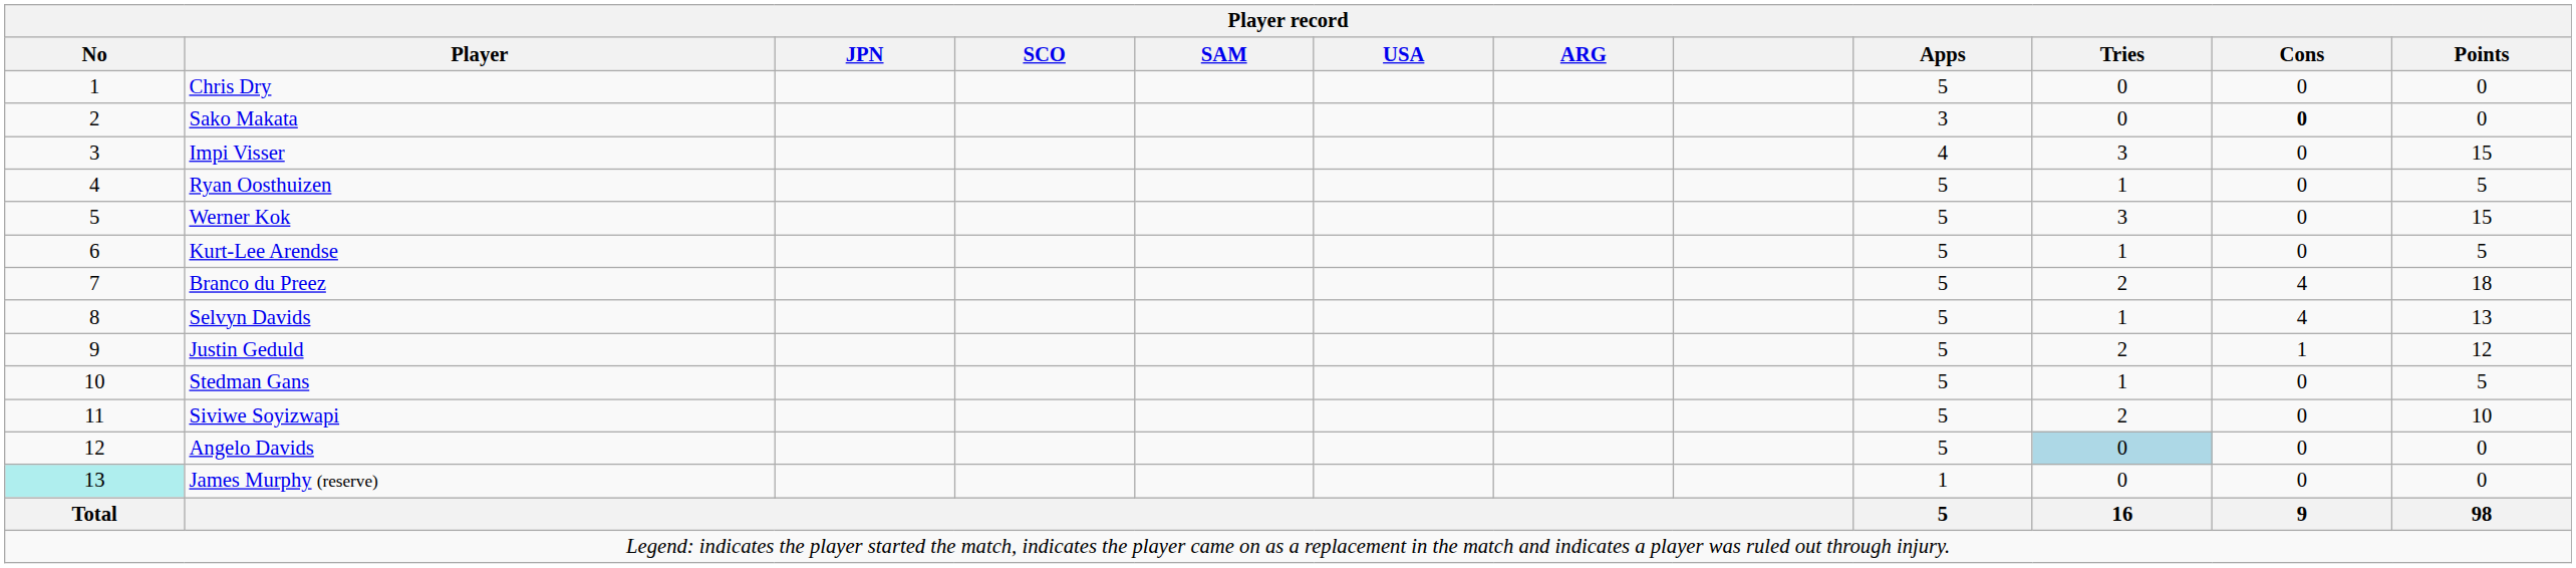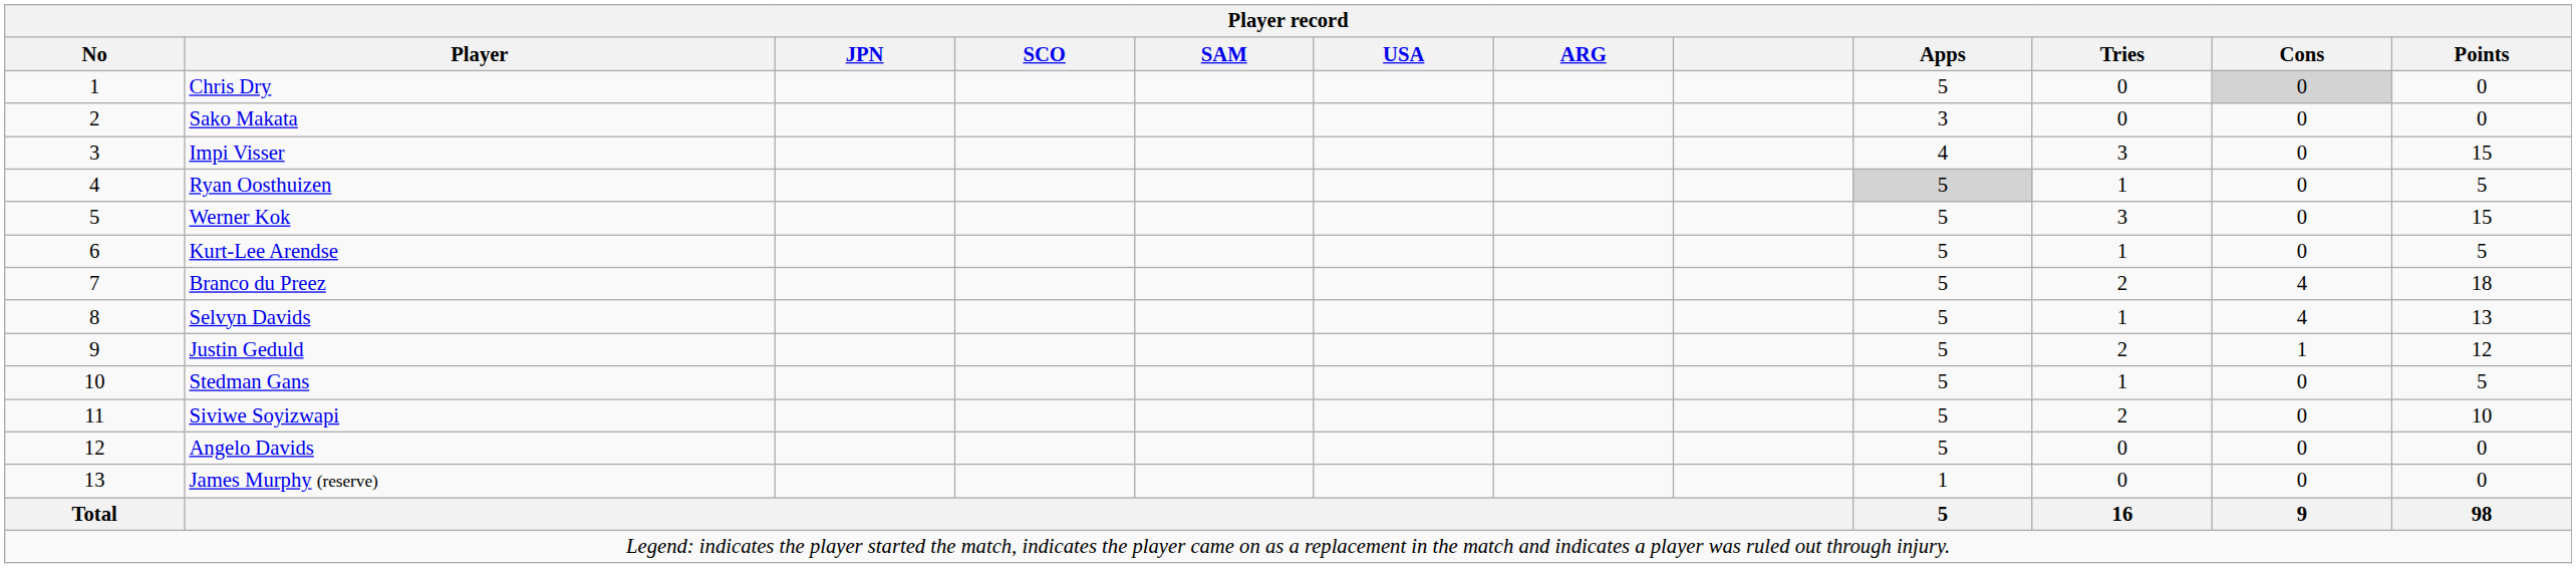 <table class="wikitable" style="text-align:center; width:100%">
 <tr>
 <th colspan="100%">Player record</th>
 </tr>
 <tr>
 <th style="width:7%;">No</th>
 <th style="width:23%;">Player</th>
 <th style="width:7%;"><a href='#'>JPN</a></th>
 <th style="width:7%;"><a href='#'>SCO</a></th>
 <th style="width:7%;"><a href='#'>SAM</a></th>
 <th style="width:7%;"><a href='#'>USA</a></th>
 <th style="width:7%;"><a href='#'>ARG</a></th>
 <th style="width:7%;"></th>
 <th style="width:7%;">Apps</th>
 <th style="width:7%;">Tries</th>
 <th style="width:7%;">Cons</th>
 <th style="width:7%;">Points</th>
 </tr>
 <tr>
 <td>1</td>
 <td style="text-align:left;"><a href='#'>Chris Dry</a></td>
 <td></td>
 <td></td>
 <td></td>
 <td></td>
 <td></td>
 <td></td>
 <td>5</td>
 <td>0</td>
-<td>0</td>
+<td style="background: lightgrey;">0</td>
 <td>0</td>
 </tr>
 <tr>
 <td>2</td>
 <td style="text-align:left;"><a href='#'>Sako Makata</a></td>
 <td></td>
 <td></td>
 <td></td>
 <td></td>
 <td></td>
 <td></td>
 <td>3</td>
 <td>0</td>
-<td><strong>0</strong></td>
+<td>0</td>
 <td>0</td>
 </tr>
 <tr>
 <td>3</td>
 <td style="text-align:left;"><a href='#'>Impi Visser</a></td>
 <td></td>
 <td></td>
 <td></td>
 <td></td>
 <td></td>
 <td></td>
 <td>4</td>
 <td>3</td>
 <td>0</td>
 <td>15</td>
 </tr>
 <tr>
 <td>4</td>
 <td style="text-align:left;"><a href='#'>Ryan Oosthuizen</a></td>
 <td></td>
 <td></td>
 <td></td>
 <td></td>
 <td></td>
 <td></td>
-<td>5</td>
+<td style="background: lightgrey;">5</td>
 <td>1</td>
 <td>0</td>
 <td>5</td>
 </tr>
 <tr>
 <td>5</td>
 <td style="text-align:left;"><a href='#'>Werner Kok</a></td>
 <td></td>
 <td></td>
 <td></td>
 <td></td>
 <td></td>
 <td></td>
 <td>5</td>
 <td>3</td>
 <td>0</td>
 <td>15</td>
 </tr>
 <tr>
 <td>6</td>
 <td style="text-align:left;"><a href='#'>Kurt-Lee Arendse</a></td>
 <td></td>
 <td></td>
 <td></td>
 <td></td>
 <td></td>
 <td></td>
 <td>5</td>
 <td>1</td>
 <td>0</td>
 <td>5</td>
 </tr>
 <tr>
 <td>7</td>
 <td style="text-align:left;"><a href='#'>Branco du Preez</a></td>
 <td></td>
 <td></td>
 <td></td>
 <td></td>
 <td></td>
 <td></td>
 <td>5</td>
 <td>2</td>
 <td>4</td>
 <td>18</td>
 </tr>
 <tr>
 <td>8</td>
 <td style="text-align:left;"><a href='#'>Selvyn Davids</a></td>
 <td></td>
 <td></td>
 <td></td>
 <td></td>
 <td></td>
 <td></td>
 <td>5</td>
 <td>1</td>
 <td>4</td>
 <td>13</td>
 </tr>
 <tr>
 <td>9</td>
 <td style="text-align:left;"><a href='#'>Justin Geduld</a></td>
 <td></td>
 <td></td>
 <td></td>
 <td></td>
 <td></td>
 <td></td>
 <td>5</td>
 <td>2</td>
 <td>1</td>
 <td>12</td>
 </tr>
 <tr>
 <td>10</td>
 <td style="text-align:left;"><a href='#'>Stedman Gans</a></td>
 <td></td>
 <td></td>
 <td></td>
 <td></td>
 <td></td>
 <td></td>
 <td>5</td>
 <td>1</td>
 <td>0</td>
 <td>5</td>
 </tr>
 <tr>
 <td>11</td>
 <td style="text-align:left;"><a href='#'>Siviwe Soyizwapi</a></td>
 <td></td>
 <td></td>
 <td></td>
 <td></td>
 <td></td>
 <td></td>
 <td>5</td>
 <td>2</td>
 <td>0</td>
 <td>10</td>
 </tr>
 <tr>
 <td>12</td>
 <td style="text-align:left;"><a href='#'>Angelo Davids</a></td>
 <td></td>
 <td></td>
 <td></td>
 <td></td>
 <td></td>
 <td></td>
 <td>5</td>
-<td style="background: lightblue;">0</td>
+<td>0</td>
 <td>0</td>
 <td>0</td>
 </tr>
 <tr>
-<td style="background: paleturquoise;">13</td>
+<td>13</td>
 <td style="text-align:left;"><a href='#'>James Murphy</a> <small>(reserve)</small></td>
 <td></td>
 <td></td>
 <td></td>
 <td></td>
 <td></td>
 <td></td>
 <td>1</td>
 <td>0</td>
 <td>0</td>
 <td>0</td>
 </tr>
 <tr>
 <th>Total</th>
 <th colspan="7"></th>
 <th>5</th>
 <th>16</th>
 <th>9</th>
 <th>98</th>
 </tr>
 <tr>
 <td colspan="100%"><em>Legend: <span></span> indicates the player started the match, <span></span> indicates the player came on as a replacement in the match and  indicates a player was ruled out through injury.</em></td>
 </tr>
 </table>
